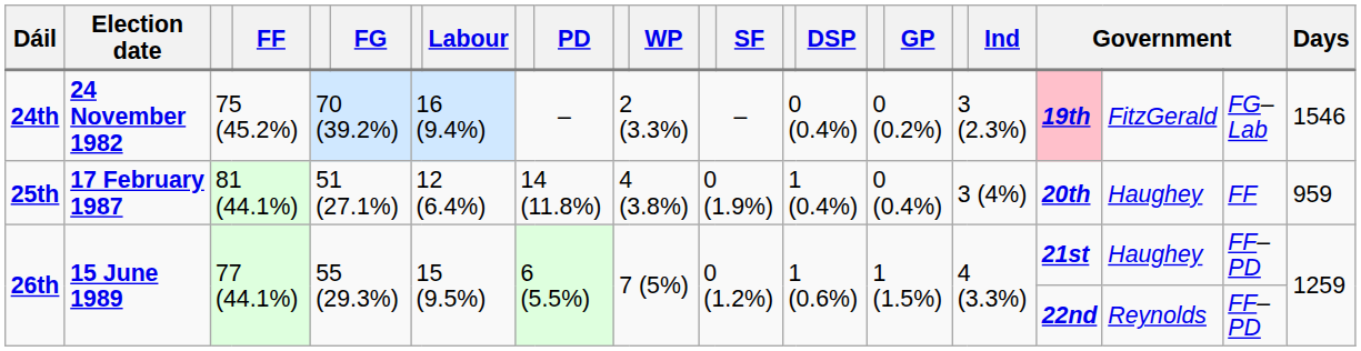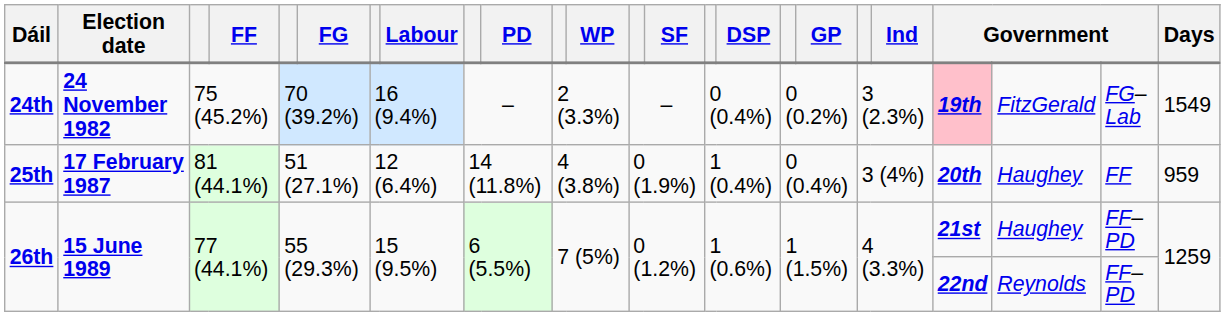 <table class="wikitable" style="font-size:95%;">
 <tr style="text-align: center; background: #efefefefefef; border-bottom: 2px solid gray;">
 <th>Dáil</th>
 <th>Election date</th>
 <th style="background-color: "></th>
 <th><a href='#'>FF</a></th>
 <th style="background-color: "></th>
 <th><a href='#'>FG</a></th>
 <th style="background-color: "></th>
 <th><a href='#'>Labour</a></th>
 <th style="background-color: "></th>
 <th><a href='#'>PD</a></th>
 <th style="background-color: "></th>
 <th><a href='#'>WP</a></th>
 <th style="background-color: "></th>
 <th><a href='#'>SF</a></th>
 <th style="background-color: "></th>
 <th><a href='#'>DSP</a></th>
 <th style="background-color: "></th>
 <th><a href='#'>GP</a></th>
 <th style="background-color: "></th>
 <th><a href='#'>Ind</a></th>
 <th colspan="3">Government</th>
 <th>Days</th>
 </tr>
 <tr>
 <td><strong><a href='#'>24th</a></strong></td>
 <td><strong><a href='#'>24 November 1982</a></strong></td>
 <td colspan=2>75 (45.2%)</td>
 <td colspan=2 style="background-color: #D0E8FF">70 (39.2%)</td>
 <td colspan=2 style="background-color: #D0E8FF">16 (9.4%)</td>
 <td colspan=2 align=center>–</td>
 <td colspan=2>2 (3.3%)</td>
 <td colspan=2 align=center>–</td>
 <td colspan=2>0 (0.4%)</td>
 <td colspan=2>0 (0.2%)</td>
 <td colspan=2>3 (2.3%)</td>
 <td style="background: pink;"><a href='#'><strong><em>19th</em></strong></a></td>
 <td><em><a href='#'>FitzGerald</a></em></td>
 <td><em><a href='#'>FG</a>–<a href='#'>Lab</a></em></td>
-<td>1546</td>
+<td>1549</td>
 </tr>
 <tr>
 <td><strong><a href='#'>25th</a></strong></td>
 <td><strong><a href='#'>17 February 1987</a></strong></td>
 <td colspan=2 style="background-color: #DEFFDE">81 (44.1%)</td>
 <td colspan=2>51 (27.1%)</td>
 <td colspan=2>12 (6.4%)</td>
 <td colspan=2>14 (11.8%)</td>
 <td colspan=2>4 (3.8%)</td>
 <td colspan=2>0 (1.9%)</td>
 <td colspan=2>1 (0.4%)</td>
 <td colspan=2>0 (0.4%)</td>
 <td colspan=2>3 (4%)</td>
 <td><a href='#'><strong><em>20th</em></strong></a></td>
 <td><em><a href='#'>Haughey</a></em></td>
 <td><a href='#'><em>FF</em></a></td>
 <td>959</td>
 </tr>
 <tr style="line-height:16px;">
 <td rowspan=2><strong><a href='#'>26th</a></strong></td>
 <td rowspan=2><strong><a href='#'>15 June 1989</a></strong></td>
 <td rowspan=2 colspan=2 style="background-color: #DEFFDE">77 (44.1%)</td>
 <td rowspan=2 colspan=2>55 (29.3%)</td>
 <td rowspan=2 colspan=2>15 (9.5%)</td>
 <td rowspan=2 colspan=2 style="background-color: #DEFFDE">6 (5.5%)</td>
 <td rowspan=2 colspan=2>7 (5%)</td>
 <td rowspan=2 colspan=2>0 (1.2%)</td>
 <td rowspan=2 colspan=2>1 (0.6%)</td>
 <td rowspan=2 colspan=2>1 (1.5%)</td>
 <td rowspan=2 colspan=2>4 (3.3%)</td>
 <td><a href='#'><strong><em>21st</em></strong></a></td>
 <td><em><a href='#'>Haughey</a></em></td>
 <td><em><a href='#'>FF</a>–<a href='#'>PD</a></em></td>
 <td rowspan=2>1259</td>
 </tr>
 <tr style="line-height:16px;">
 <td><a href='#'><strong><em>22nd</em></strong></a></td>
 <td><em><a href='#'>Reynolds</a></em></td>
 <td><em><a href='#'>FF</a>–<a href='#'>PD</a></em></td>
 </tr>
 </table>
